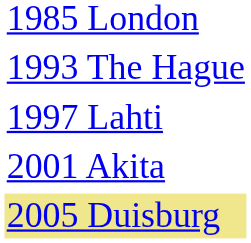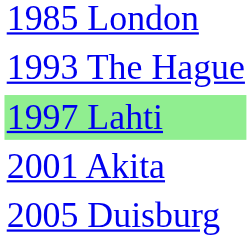 <table>
 <tr>
 <td><a href='#'>1985 London</a></td>
 <td></td>
 <td></td>
 <td></td>
 </tr>
 <tr>
 <td><a href='#'>1993 The Hague</a></td>
 <td></td>
 <td></td>
 <td></td>
 </tr>
 <tr>
-<td><a href='#'>1997 Lahti</a></td>
+<td style="background: lightgreen;"><a href='#'>1997 Lahti</a></td>
 <td></td>
 <td></td>
 <td></td>
 </tr>
 <tr>
 <td><a href='#'>2001 Akita</a></td>
 <td></td>
 <td></td>
 <td></td>
 </tr>
 <tr>
-<td style="background: khaki;"><a href='#'>2005 Duisburg</a></td>
+<td><a href='#'>2005 Duisburg</a></td>
 <td></td>
 <td></td>
 <td></td>
 </tr>
 </table>
